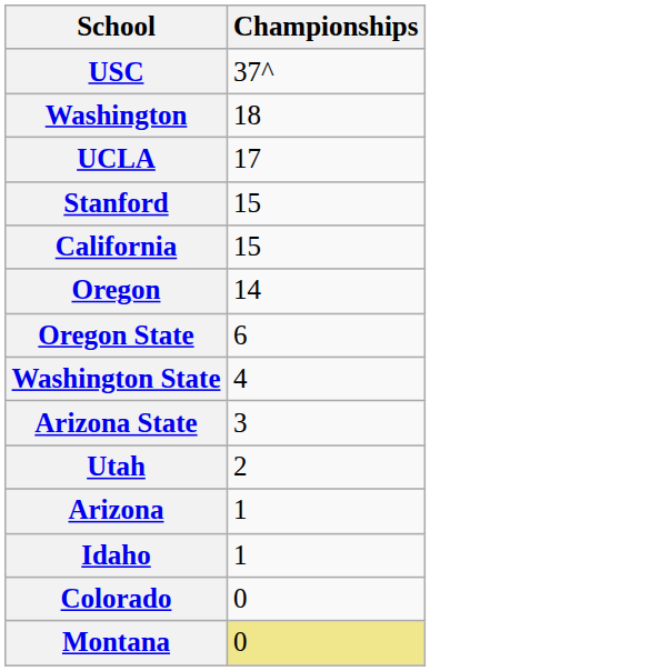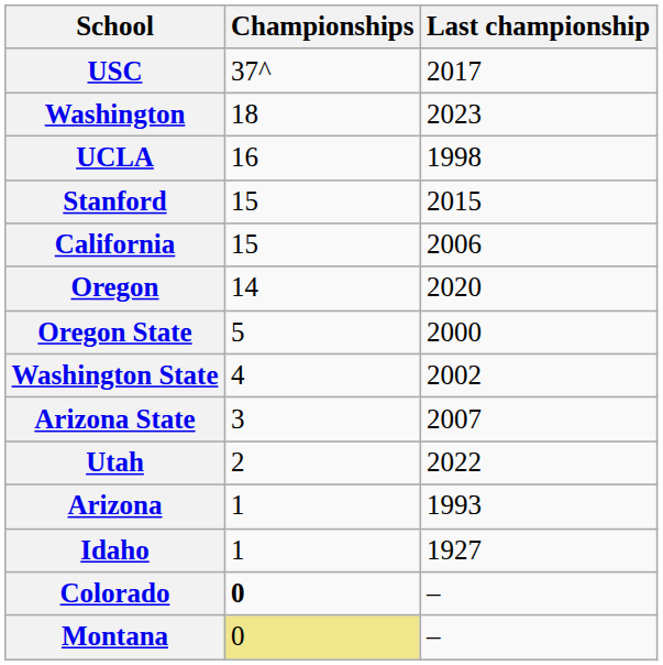 <table class="wikitable sortable" style="align:center;">
 <tr>
 <th>School</th>
 <th>Championships</th>
+<th>Last championship</th>
 </tr>
 <tr>
 <th><a href='#'>USC</a></th>
 <td>37^</td>
+<td>2017</td>
 </tr>
 <tr>
 <th><a href='#'>Washington</a></th>
 <td>18</td>
+<td>2023</td>
 </tr>
 <tr>
 <th><a href='#'>UCLA</a></th>
-<td>17</td>
+<td>16</td>
+<td>1998</td>
 </tr>
 <tr>
 <th><a href='#'>Stanford</a></th>
 <td>15</td>
+<td>2015</td>
 </tr>
 <tr>
 <th><a href='#'>California</a></th>
 <td>15</td>
+<td>2006</td>
 </tr>
 <tr>
 <th><a href='#'>Oregon</a></th>
 <td>14</td>
+<td>2020</td>
 </tr>
 <tr>
 <th><a href='#'>Oregon State</a></th>
-<td>6</td>
+<td>5</td>
+<td>2000</td>
 </tr>
 <tr>
 <th><a href='#'>Washington State</a></th>
 <td>4</td>
+<td>2002</td>
 </tr>
 <tr>
 <th><a href='#'>Arizona State</a></th>
 <td>3</td>
+<td>2007</td>
 </tr>
 <tr>
 <th><a href='#'>Utah</a></th>
 <td>2</td>
+<td>2022</td>
 </tr>
 <tr>
 <th><a href='#'>Arizona</a></th>
 <td>1</td>
+<td>1993</td>
 </tr>
 <tr>
 <th><a href='#'>Idaho</a></th>
 <td>1</td>
+<td>1927</td>
 </tr>
 <tr>
 <th><a href='#'>Colorado</a></th>
-<td>0</td>
+<td><strong>0</strong></td>
+<td>–</td>
 </tr>
 <tr>
 <th><a href='#'>Montana</a></th>
 <td style="background: khaki;">0</td>
+<td>–</td>
 </tr>
 </table>
